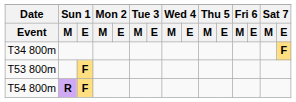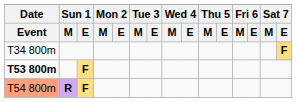 <table class="wikitable" style="margin:0.5em auto; font-size:90%; line-height:1.25em;">
 <tr align="center">
 </tr>
 <tr>
 <th>Date</th>
 <th colspan="2">Sun 1</th>
 <th colspan="2">Mon 2</th>
 <th colspan="2">Tue 3</th>
 <th colspan="2">Wed 4</th>
 <th colspan="2">Thu 5</th>
 <th colspan="2">Fri 6</th>
 <th colspan="2">Sat 7</th>
 </tr>
 <tr>
 <th>Event</th>
 <th>M</th>
 <th>E</th>
 <th>M</th>
 <th>E</th>
 <th>M</th>
 <th>E</th>
 <th>M</th>
 <th>E</th>
 <th>M</th>
 <th>E</th>
 <th>M</th>
 <th>E</th>
 <th>M</th>
 <th>E</th>
 </tr>
 <tr align="center">
 <td align="left">T34 800m</td>
 <td colspan="2"></td>
 <td colspan="2"></td>
 <td colspan="2"></td>
 <td colspan="2"></td>
 <td colspan="2"></td>
 <td colspan="2"></td>
 <td></td>
 <td bgcolor="#FFDF80"><strong>F</strong></td>
 </tr>
 <tr align="center">
-<td align="left">T53 800m</td>
+<td align="left"><strong>T53 800m</strong></td>
 <td></td>
 <td bgcolor="#FFDF80"><strong>F</strong></td>
 <td colspan="2"></td>
 <td colspan="2"></td>
 <td colspan="2"></td>
 <td colspan="2"></td>
 <td colspan="2"></td>
 <td colspan="2"></td>
 </tr>
 <tr align="center">
-<td align="left">T54 800m</td>
+<td align="left" style="background: lightsalmon;">T54 800m</td>
 <td bgcolor="#D0A9F5"><strong>R</strong></td>
 <td bgcolor="#FFDF80"><strong>F</strong></td>
 <td colspan="2"></td>
 <td colspan="2"></td>
 <td colspan="2"></td>
 <td colspan="2"></td>
 <td colspan="2"></td>
 <td colspan="2"></td>
 </tr>
 </table>
